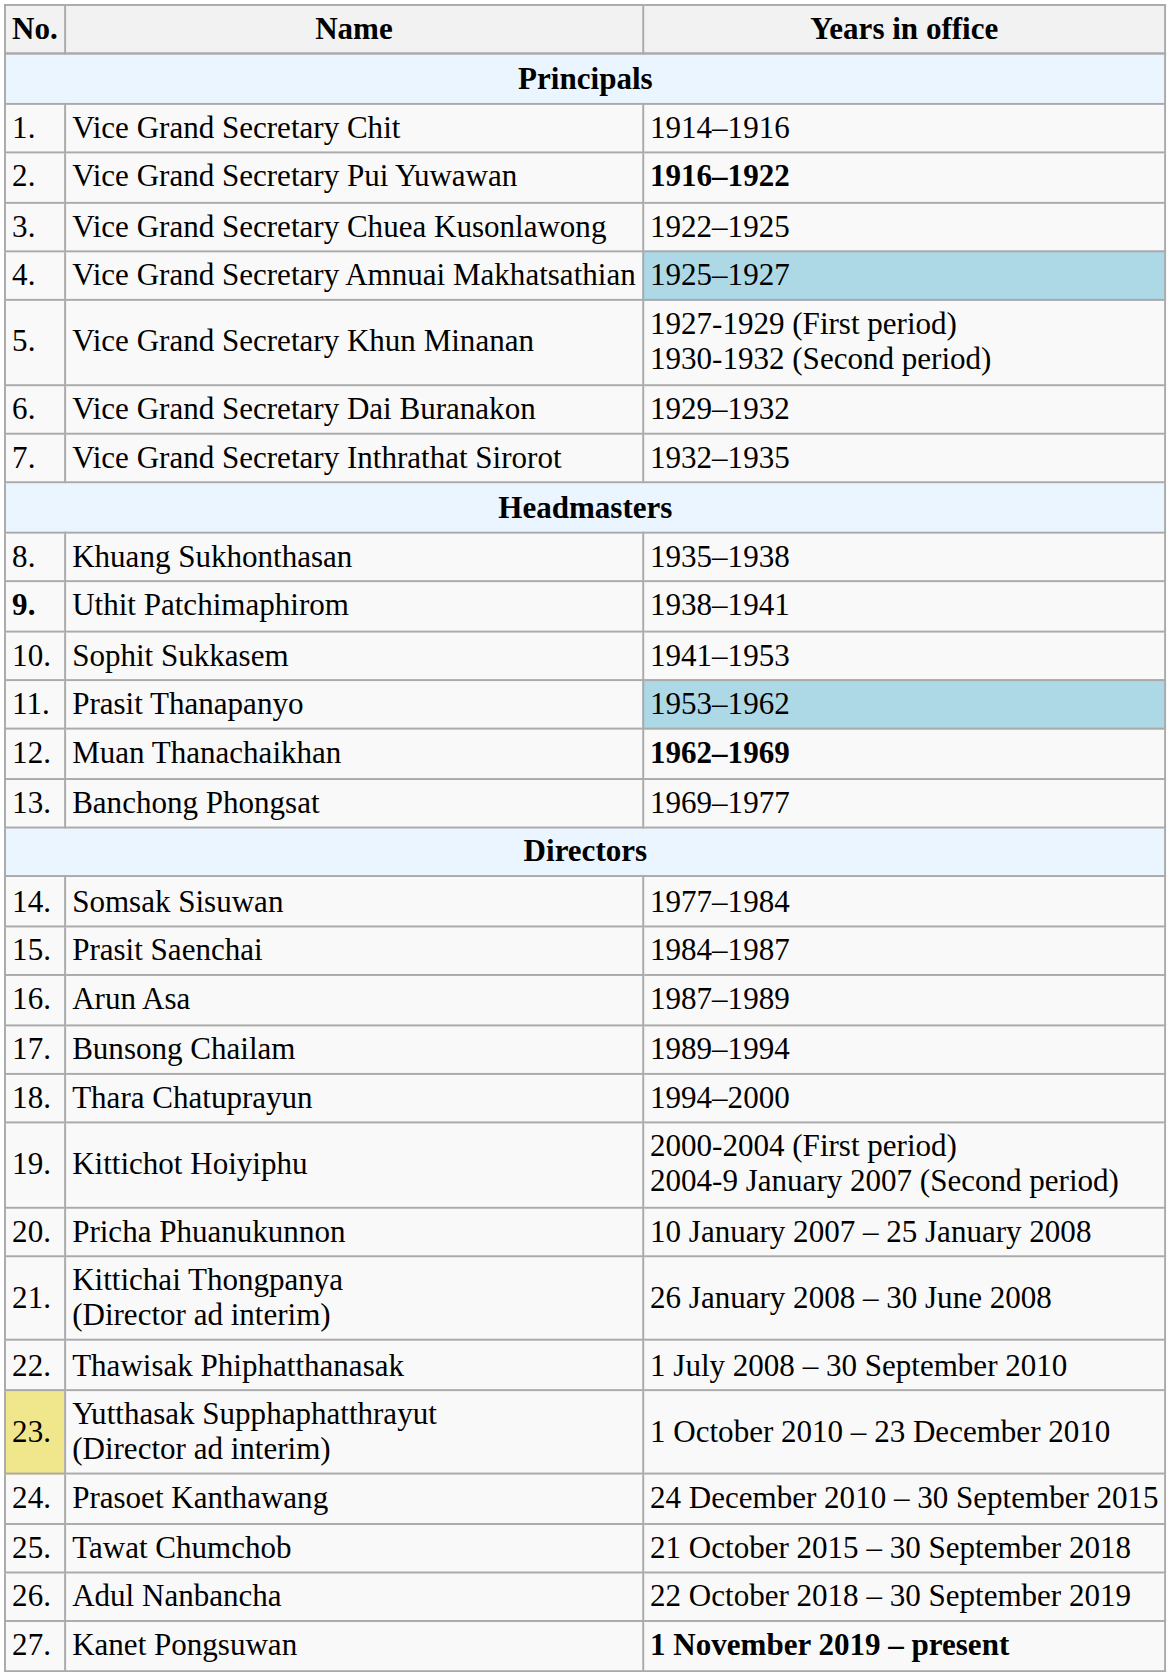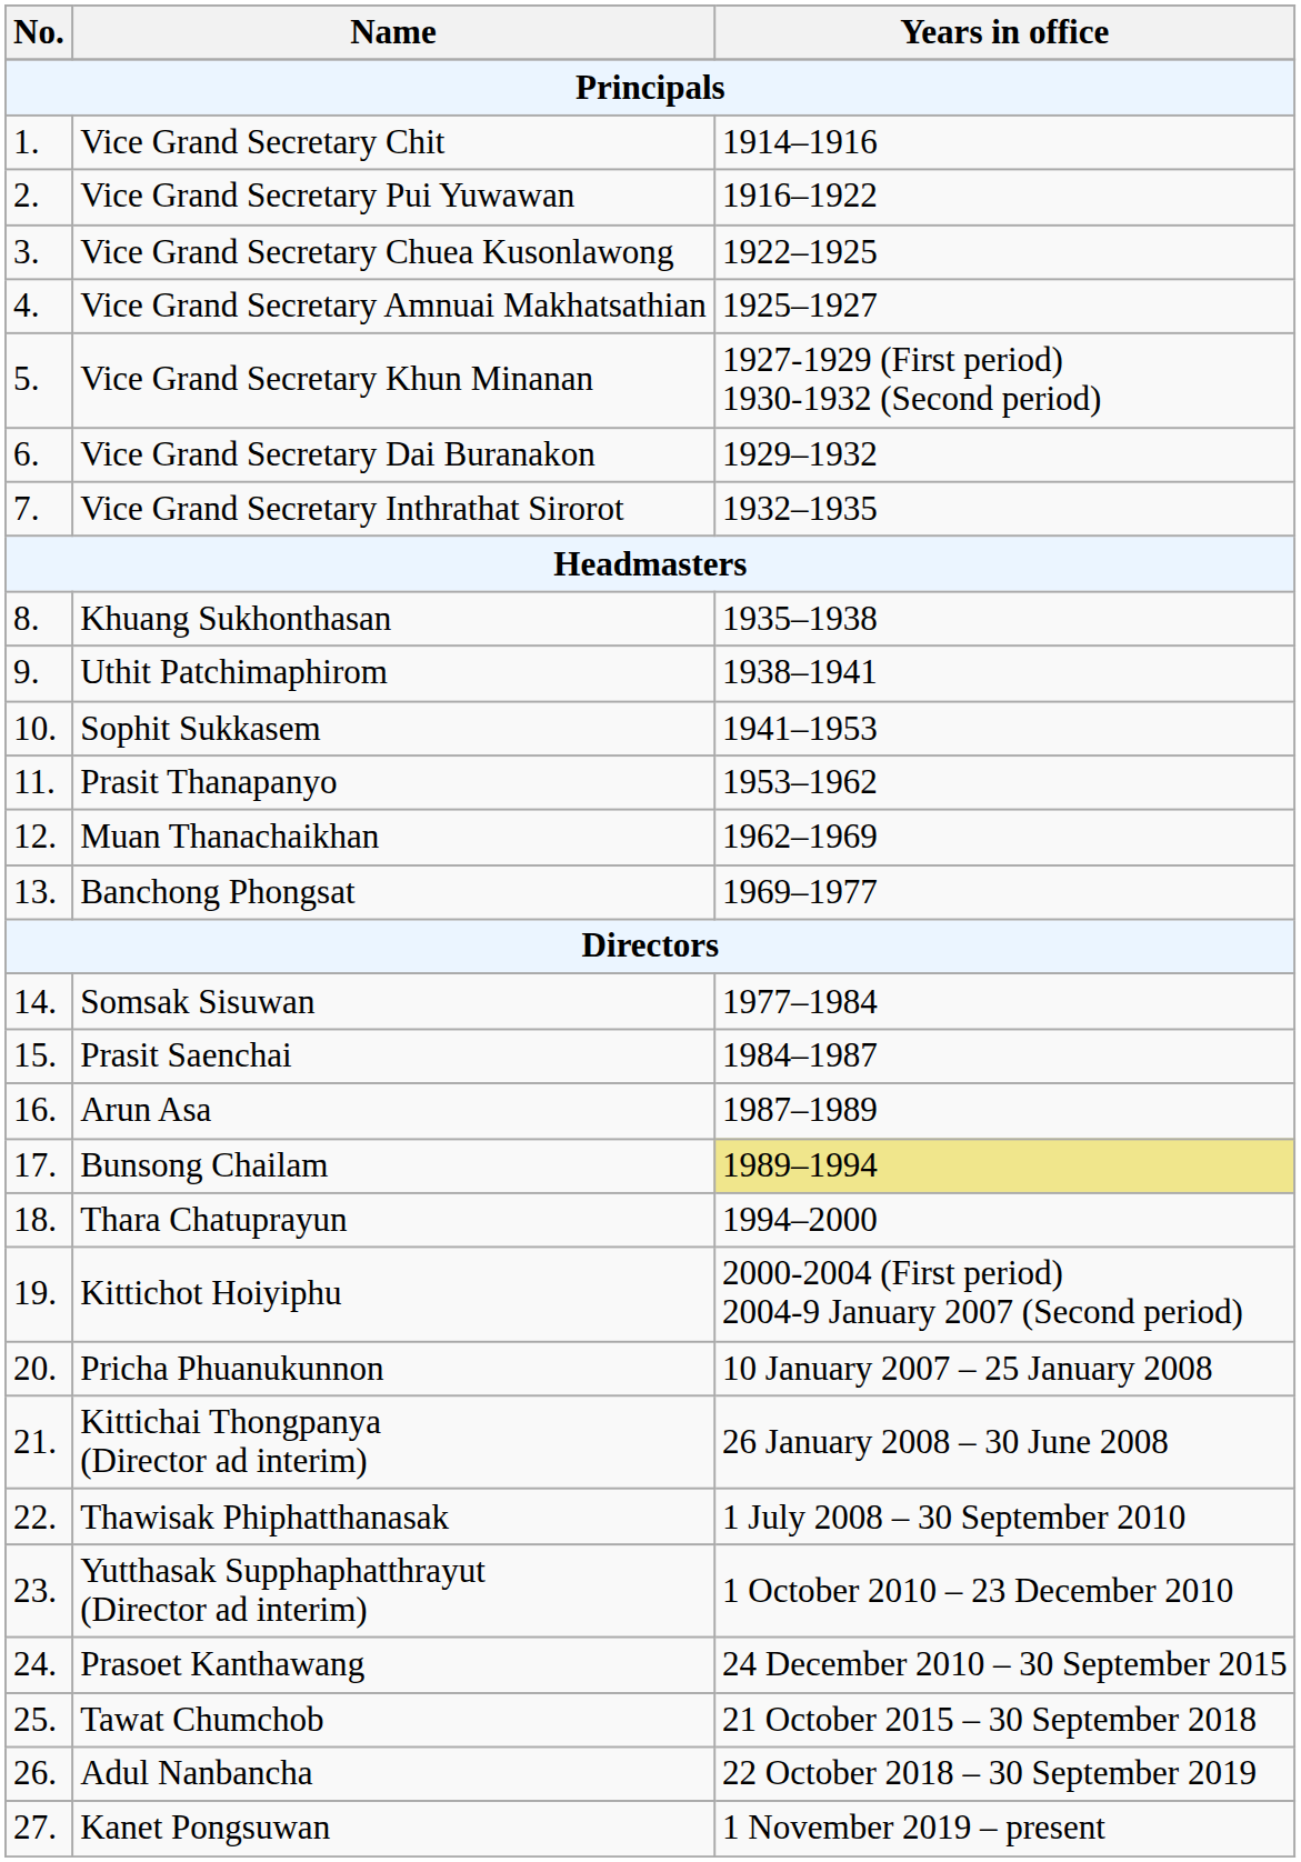 <table class="wikitable">
 <tr style="background:#ebf5ff">
 <th>No.</th>
 <th>Name</th>
 <th>Years in office</th>
 </tr>
 <tr style="background:#ebf5ff">
 </tr>
 <tr>
 <th colspan=4 style="background:#ebf5ff">Principals</th>
 </tr>
 <tr>
 <td>1.</td>
 <td>Vice Grand Secretary Chit</td>
 <td>1914–1916</td>
 </tr>
 <tr>
 <td>2.</td>
 <td>Vice Grand Secretary Pui Yuwawan</td>
-<td><strong>1916–1922</strong></td>
+<td>1916–1922</td>
 </tr>
 <tr>
 <td>3.</td>
 <td>Vice Grand Secretary Chuea Kusonlawong</td>
 <td>1922–1925</td>
 </tr>
 <tr>
 <td>4.</td>
 <td>Vice Grand Secretary Amnuai Makhatsathian</td>
-<td style="background: lightblue;">1925–1927</td>
+<td>1925–1927</td>
 </tr>
 <tr>
 <td>5.</td>
 <td>Vice Grand Secretary Khun Minanan</td>
 <td>1927-1929 (First period)<br>1930-1932 (Second period)</td>
 </tr>
 <tr>
 <td>6.</td>
 <td>Vice Grand Secretary Dai Buranakon</td>
 <td>1929–1932</td>
 </tr>
 <tr>
 <td>7.</td>
 <td>Vice Grand Secretary Inthrathat Sirorot</td>
 <td>1932–1935</td>
 </tr>
 <tr>
 <th colspan=4 style="background:#ebf5ff">Headmasters</th>
 </tr>
 <tr>
 <td>8.</td>
 <td>Khuang Sukhonthasan</td>
 <td>1935–1938</td>
 </tr>
 <tr>
-<td><strong>9.</strong></td>
+<td>9.</td>
 <td>Uthit Patchimaphirom</td>
 <td>1938–1941</td>
 </tr>
 <tr>
 <td>10.</td>
 <td>Sophit Sukkasem</td>
 <td>1941–1953</td>
 </tr>
 <tr>
 <td>11.</td>
 <td>Prasit Thanapanyo</td>
-<td style="background: lightblue;">1953–1962</td>
+<td>1953–1962</td>
 </tr>
 <tr>
 <td>12.</td>
 <td>Muan Thanachaikhan</td>
-<td><strong>1962–1969</strong></td>
+<td>1962–1969</td>
 </tr>
 <tr>
 <td>13.</td>
 <td>Banchong Phongsat</td>
 <td>1969–1977</td>
 </tr>
 <tr>
 <th colspan=4 style="background:#ebf5ff">Directors</th>
 </tr>
 <tr>
 <td>14.</td>
 <td>Somsak Sisuwan</td>
 <td>1977–1984</td>
 </tr>
 <tr>
 <td>15.</td>
 <td>Prasit Saenchai</td>
 <td>1984–1987</td>
 </tr>
 <tr>
 <td>16.</td>
 <td>Arun Asa</td>
 <td>1987–1989</td>
 </tr>
 <tr>
 <td>17.</td>
 <td>Bunsong Chailam</td>
-<td>1989–1994</td>
+<td style="background: khaki;">1989–1994</td>
 </tr>
 <tr>
 <td>18.</td>
 <td>Thara Chatuprayun</td>
 <td>1994–2000</td>
 </tr>
 <tr>
 <td>19.</td>
 <td>Kittichot Hoiyiphu</td>
 <td>2000-2004 (First period)<br>2004-9 January 2007 (Second period)</td>
 </tr>
 <tr>
 <td>20.</td>
 <td>Pricha Phuanukunnon</td>
 <td>10 January 2007 – 25 January 2008</td>
 </tr>
 <tr>
 <td>21.</td>
 <td>Kittichai Thongpanya<br>(Director ad interim)</td>
 <td>26 January 2008 – 30 June 2008</td>
 </tr>
 <tr>
 <td>22.</td>
 <td>Thawisak Phiphatthanasak</td>
 <td>1 July 2008 – 30 September 2010</td>
 </tr>
 <tr>
-<td style="background: khaki;">23.</td>
+<td>23.</td>
 <td>Yutthasak Supphaphatthrayut<br>(Director ad interim)</td>
 <td>1 October 2010 – 23 December 2010</td>
 </tr>
 <tr>
 <td>24.</td>
 <td>Prasoet Kanthawang</td>
 <td>24 December 2010 – 30 September 2015</td>
 </tr>
 <tr>
 <td>25.</td>
 <td>Tawat Chumchob</td>
 <td>21 October 2015 – 30 September 2018</td>
 </tr>
 <tr>
 <td>26.</td>
 <td>Adul Nanbancha</td>
 <td>22 October 2018 – 30 September 2019</td>
 </tr>
 <tr>
 <td>27.</td>
 <td>Kanet Pongsuwan</td>
-<td><strong>1 November 2019 – present</strong></td>
+<td>1 November 2019 – present</td>
 </tr>
 <tr>
 </tr>
 </table>
